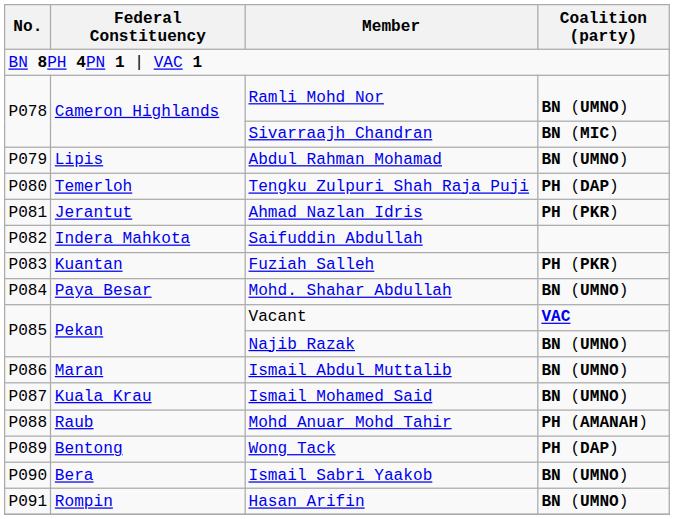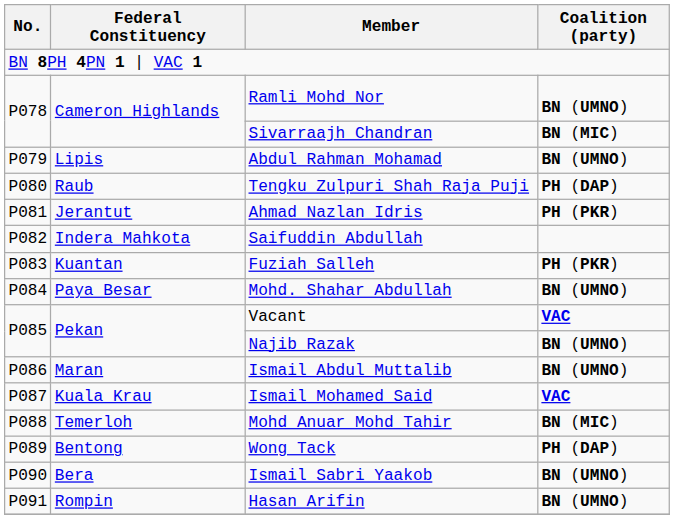 <table class="wikitable sortable">
 <tr>
 <th style="width:30px;">No.</th>
 <th style="width:150px;">Federal Constituency</th>
 <th style="width:230px;">Member</th>
 <th style="width:100px;">Coalition (party)</th>
 </tr>
 <tr>
 <td colspan="4"><a href='#'>BN</a> <strong>8</strong><a href='#'>PH</a> <strong>4</strong><a href='#'>PN</a> <strong>1</strong> | <a href='#'>VAC</a> <strong>1</strong></td>
 </tr>
 <tr>
 <td rowspan="2">P078</td>
 <td rowspan="2"><a href='#'>Cameron Highlands</a></td>
 <td><a href='#'>Ramli Mohd Nor</a> </td>
 <td><br><strong>BN</strong> (<strong>UMNO</strong>)</td>
 </tr>
 <tr>
 <td><a href='#'>Sivarraajh Chandran</a> </td>
 <td><strong>BN</strong> (<strong>MIC</strong>)</td>
 </tr>
 <tr>
 <td>P079</td>
 <td><a href='#'>Lipis</a></td>
 <td><a href='#'>Abdul Rahman Mohamad</a></td>
 <td><strong>BN</strong> (<strong>UMNO</strong>)</td>
 </tr>
 <tr>
 <td>P080</td>
-<td><a href='#'>Temerloh</a></td>
+<td><a href='#'>Raub</a></td>
 <td><a href='#'>Tengku Zulpuri Shah Raja Puji</a></td>
 <td><strong>PH</strong> (<strong>DAP</strong>)</td>
 </tr>
 <tr>
 <td>P081</td>
 <td><a href='#'>Jerantut</a></td>
 <td><a href='#'>Ahmad Nazlan Idris</a></td>
 <td><strong>PH</strong> (<strong>PKR</strong>)</td>
 </tr>
 <tr>
 <td>P082</td>
 <td><a href='#'>Indera Mahkota</a></td>
 <td><a href='#'>Saifuddin Abdullah</a></td>
 <td></td>
 </tr>
 <tr>
 <td>P083</td>
 <td><a href='#'>Kuantan</a></td>
 <td><a href='#'>Fuziah Salleh</a></td>
 <td><strong>PH</strong> (<strong>PKR</strong>)</td>
 </tr>
 <tr>
 <td>P084</td>
 <td><a href='#'>Paya Besar</a></td>
 <td><a href='#'>Mohd. Shahar Abdullah</a></td>
 <td><strong>BN</strong> (<strong>UMNO</strong>)</td>
 </tr>
 <tr>
 <td rowspan="2">P085</td>
 <td rowspan="2"><a href='#'>Pekan</a></td>
 <td>Vacant </td>
 <td><strong><a href='#'>VAC</a></strong></td>
 </tr>
 <tr>
 <td><a href='#'>Najib Razak</a> </td>
 <td><strong>BN</strong> (<strong>UMNO</strong>)</td>
 </tr>
 <tr>
 <td>P086</td>
 <td><a href='#'>Maran</a></td>
 <td><a href='#'>Ismail Abdul Muttalib</a></td>
 <td><strong>BN</strong> (<strong>UMNO</strong>)</td>
 </tr>
 <tr>
 <td>P087</td>
 <td><a href='#'>Kuala Krau</a></td>
 <td><a href='#'>Ismail Mohamed Said</a></td>
-<td><strong>BN</strong> (<strong>UMNO</strong>)</td>
+<td><strong><a href='#'>VAC</a></strong></td>
 </tr>
 <tr>
 <td>P088</td>
-<td><a href='#'>Raub</a></td>
+<td><a href='#'>Temerloh</a></td>
 <td><a href='#'>Mohd Anuar Mohd Tahir</a></td>
-<td><strong>PH</strong> (<strong>AMANAH</strong>)</td>
+<td><strong>BN</strong> (<strong>MIC</strong>)</td>
 </tr>
 <tr>
 <td>P089</td>
 <td><a href='#'>Bentong</a></td>
 <td><a href='#'>Wong Tack</a></td>
 <td><strong>PH</strong> (<strong>DAP</strong>)</td>
 </tr>
 <tr>
 <td>P090</td>
 <td><a href='#'>Bera</a></td>
 <td><a href='#'>Ismail Sabri Yaakob</a></td>
 <td><strong>BN</strong> (<strong>UMNO</strong>)</td>
 </tr>
 <tr>
 <td>P091</td>
 <td><a href='#'>Rompin</a></td>
 <td><a href='#'>Hasan Arifin</a></td>
 <td><strong>BN</strong> (<strong>UMNO</strong>)</td>
 </tr>
 <tr>
 </tr>
 </table>
